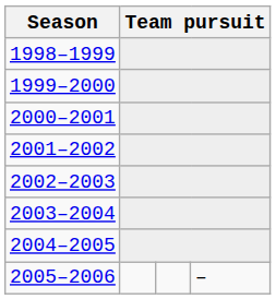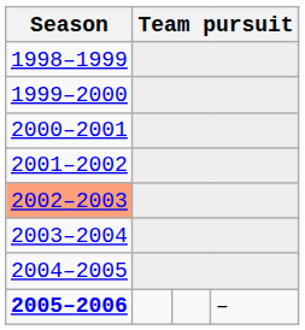 <table class="wikitable" style="display: inline-table;">
 <tr>
 <th>Season</th>
 <th colspan="3">Team pursuit</th>
 </tr>
 <tr>
 <td><a href='#'>1998–1999</a></td>
 <td colspan="3" bgcolor=#EEEEEE></td>
 </tr>
 <tr>
 <td><a href='#'>1999–2000</a></td>
 <td colspan="3" bgcolor=#EEEEEE></td>
 </tr>
 <tr>
 <td><a href='#'>2000–2001</a></td>
 <td colspan="3" bgcolor=#EEEEEE></td>
 </tr>
 <tr>
 <td><a href='#'>2001–2002</a></td>
 <td colspan="3" bgcolor=#EEEEEE></td>
 </tr>
 <tr>
-<td><a href='#'>2002–2003</a></td>
+<td style="background: lightsalmon;"><a href='#'>2002–2003</a></td>
 <td colspan="3" bgcolor=#EEEEEE></td>
 </tr>
 <tr>
 <td><a href='#'>2003–2004</a></td>
 <td colspan="3" bgcolor=#EEEEEE></td>
 </tr>
 <tr>
 <td><a href='#'>2004–2005</a></td>
 <td colspan="3" bgcolor=#EEEEEE></td>
 </tr>
 <tr>
-<td><a href='#'>2005–2006</a></td>
+<td><strong><a href='#'>2005–2006</a></strong></td>
 <td></td>
 <td></td>
 <td>–</td>
 </tr>
 </table>
